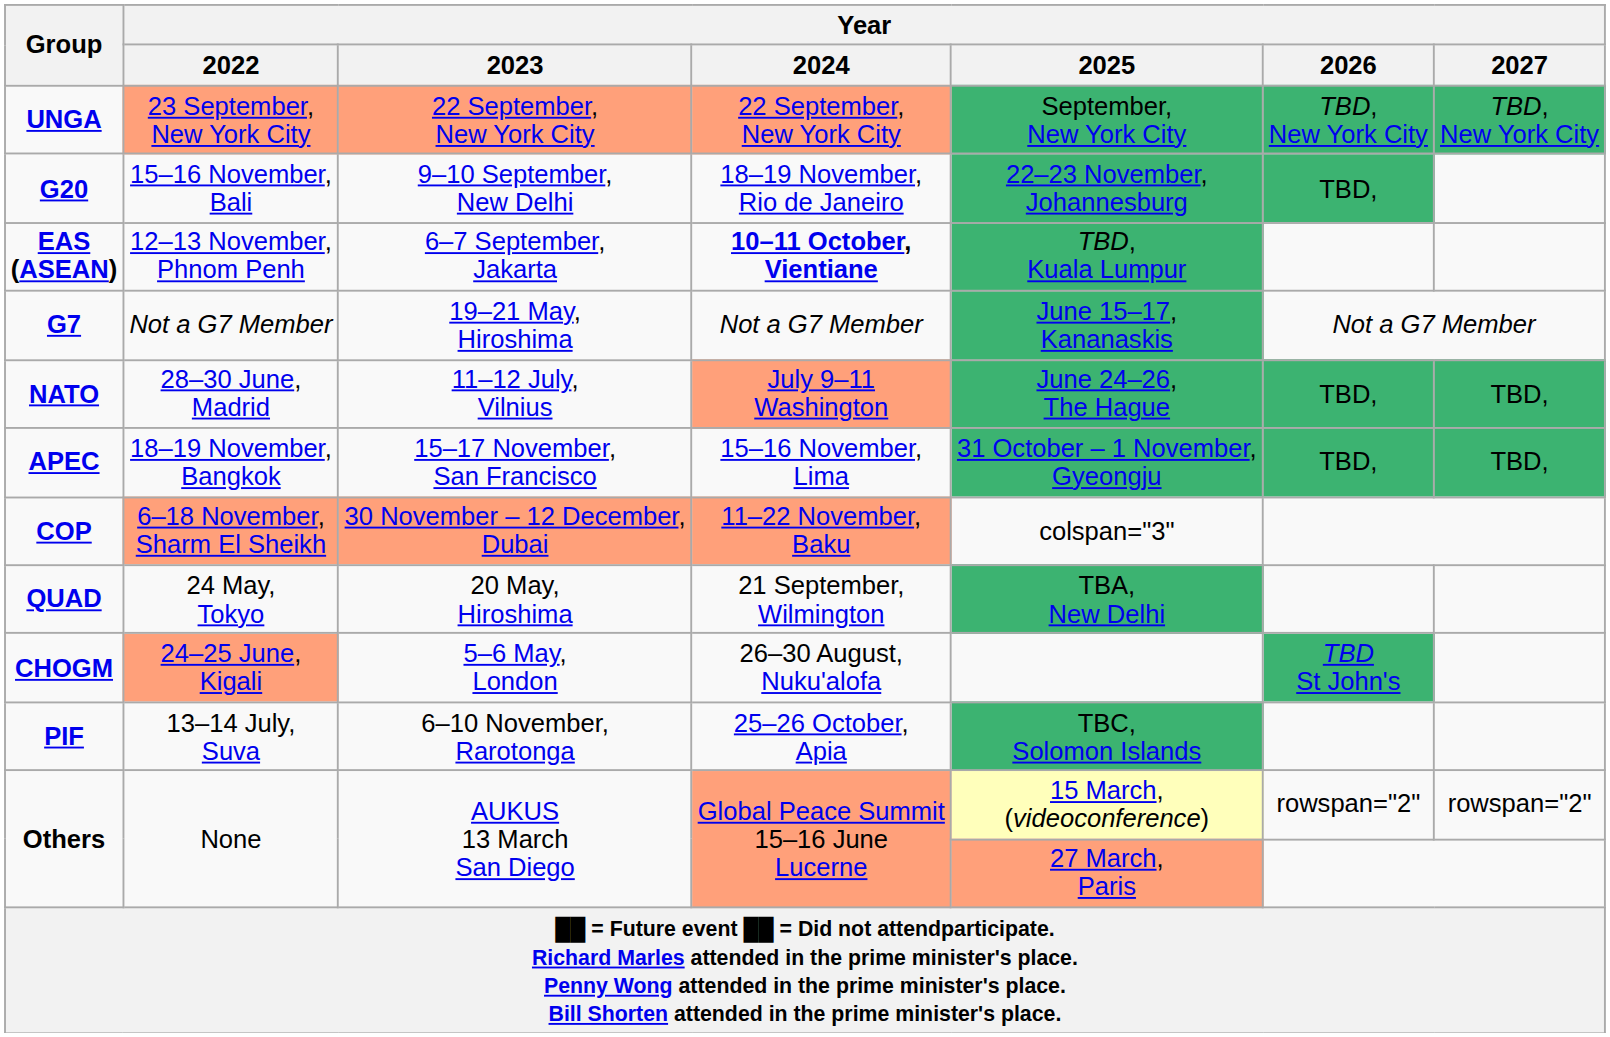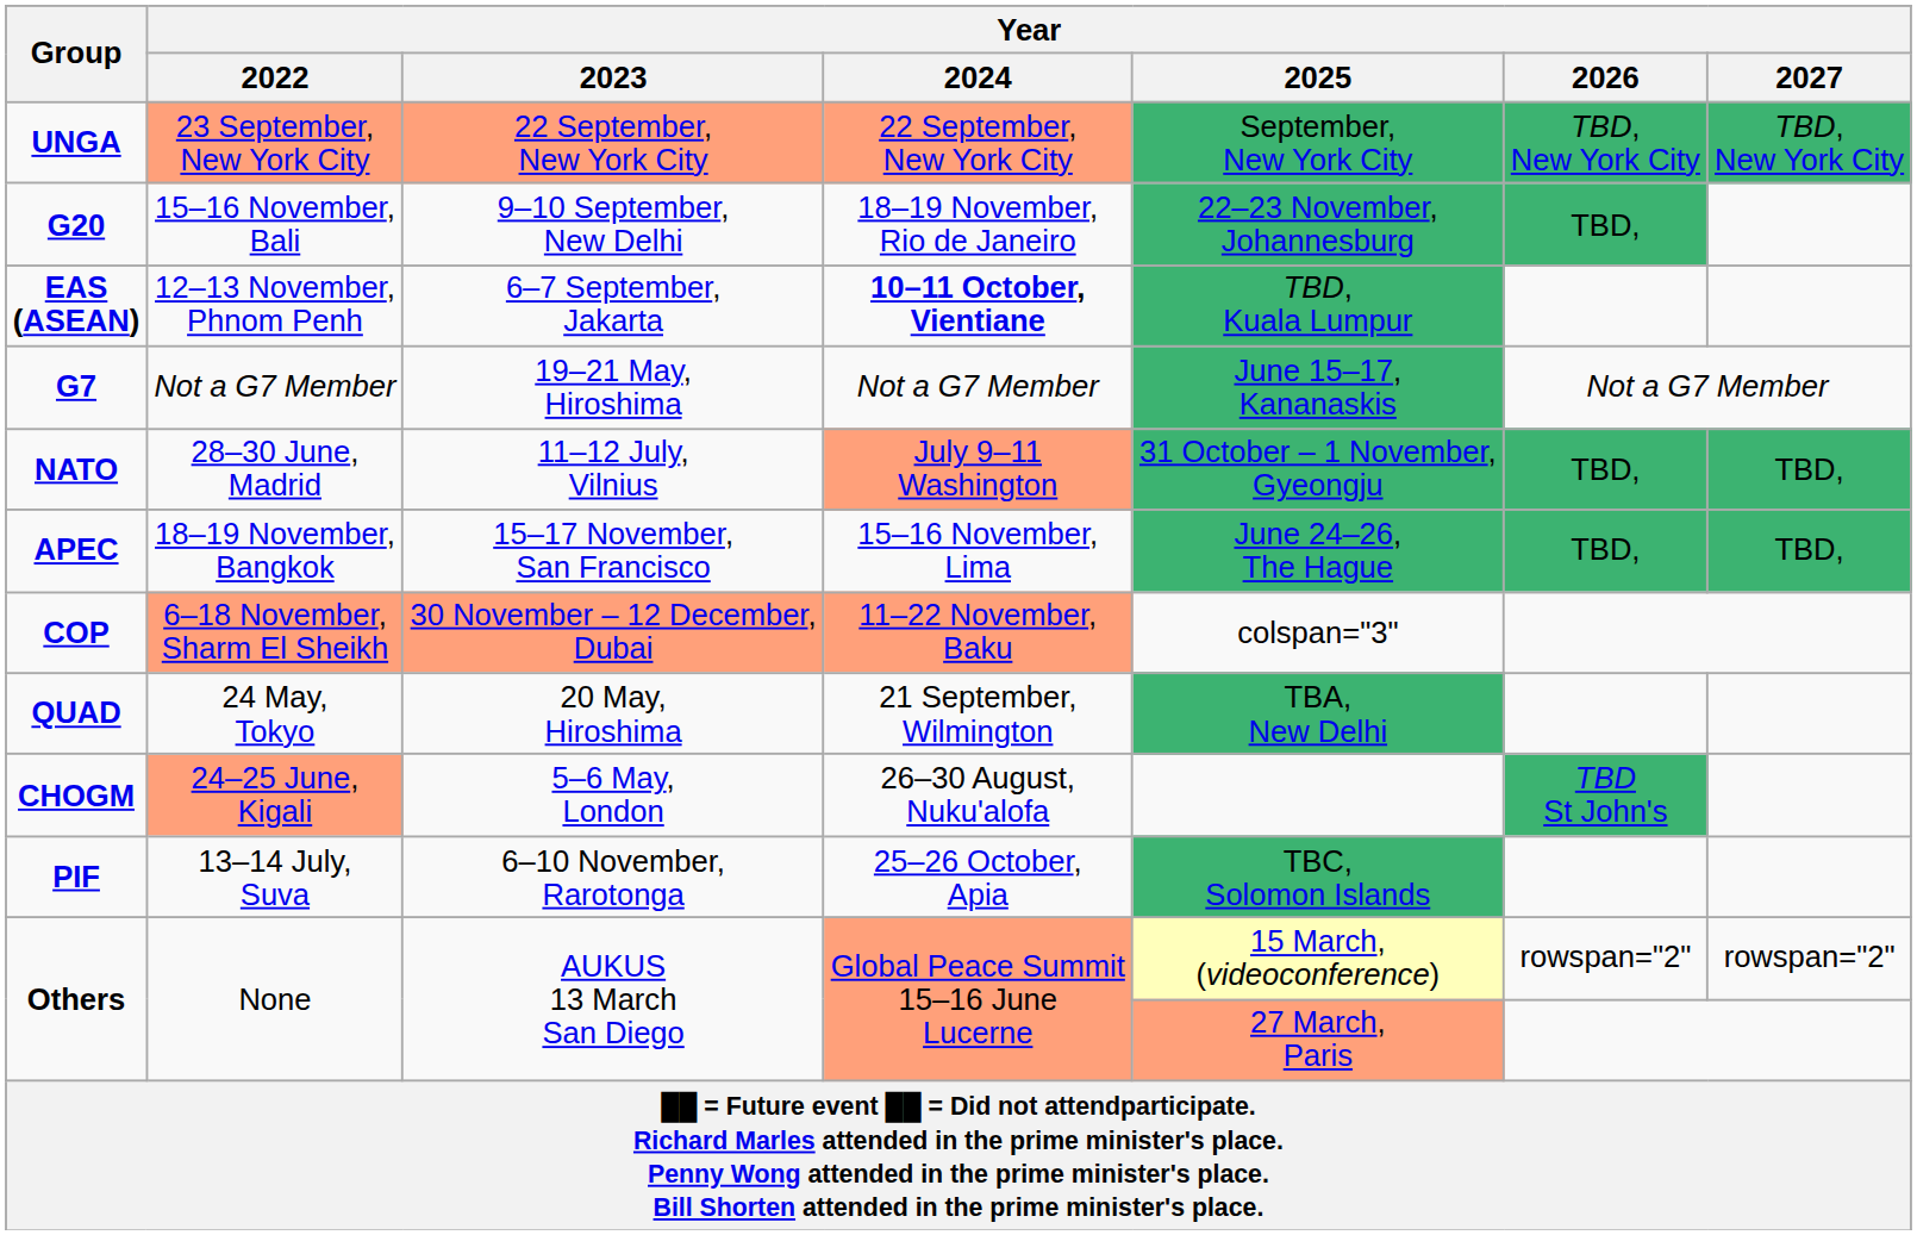 <table class="wikitable" style="margin:1em auto; font-size:85%; text-align:center;">
 <tr>
 <th rowspan="2">Group</th>
 <th colspan="6">Year</th>
 </tr>
 <tr>
 <th>2022</th>
 <th>2023</th>
 <th>2024</th>
 <th>2025</th>
 <th>2026</th>
 <th>2027</th>
 </tr>
 <tr>
 <td><strong><a href='#'>UNGA</a></strong></td>
 <td style="background:#ffa07a;"><a href='#'>23 September</a>,<br> <a href='#'>New York City</a><br></td>
 <td style="background:#ffa07a;"><a href='#'>22 September</a>,<br> <a href='#'>New York City</a><br></td>
 <td style="background:#ffa07a;"><a href='#'>22 September</a>,<br> <a href='#'>New York City</a><br></td>
 <td style="background:#3Cb371;">September,<br> <a href='#'>New York City</a></td>
 <td style="background:#3Cb371;"><em>TBD</em>,<br> <a href='#'>New York City</a></td>
 <td style="background:#3Cb371;"><em>TBD</em>,<br> <a href='#'>New York City</a></td>
 </tr>
 <tr>
 <td><strong><a href='#'>G20</a></strong></td>
 <td><a href='#'>15–16 November</a>,<br> <a href='#'>Bali</a></td>
 <td><a href='#'>9–10 September</a>,<br> <a href='#'>New Delhi</a></td>
 <td><a href='#'>18–19 November</a>,<br> <a href='#'>Rio de Janeiro</a></td>
 <td style="background:#3Cb371;"><a href='#'>22–23 November</a>,<br> <a href='#'>Johannesburg</a></td>
 <td style="background:#3Cb371;">TBD,<br></td>
 <td></td>
 </tr>
 <tr>
 <td><strong><a href='#'>EAS</a><br>(<a href='#'>ASEAN</a>)</strong></td>
 <td><a href='#'>12–13 November</a>,<br> <a href='#'>Phnom Penh</a></td>
 <td><a href='#'>6–7 September</a>,<br> <a href='#'>Jakarta</a></td>
 <td><strong><a href='#'>10–11 October</a>,<br> <a href='#'>Vientiane</a></strong></td>
 <td style="background:#3Cb371;"><em>TBD</em>,<br> <a href='#'>Kuala Lumpur</a></td>
 <td></td>
 <td></td>
 </tr>
 <tr>
 <td><strong><a href='#'>G7</a></strong></td>
 <td colspan="1"><em>Not a G7 Member</em></td>
 <td><a href='#'>19–21 May</a>,<br> <a href='#'>Hiroshima</a></td>
 <td colspan="1"><em>Not a G7 Member</em></td>
 <td style="background:#3Cb371;"><a href='#'>June 15–17</a>,<br> <a href='#'>Kananaskis</a></td>
 <td colspan="2"><em>Not a G7 Member</em></td>
 </tr>
 <tr>
 <td><strong><a href='#'>NATO</a></strong></td>
 <td><a href='#'>28–30 June</a>,<br> <a href='#'>Madrid</a></td>
 <td><a href='#'>11–12 July</a>,<br> <a href='#'>Vilnius</a></td>
 <td colspan="1" style="background:#ffa07a;"><a href='#'>July 9–11</a><br> <a href='#'>Washington</a><br></td>
-<td style="background:#3Cb371;"><a href='#'>June 24–26</a>,<br> <a href='#'>The Hague</a></td>
+<td style="background:#3Cb371;"><a href='#'>31 October – 1 November</a>,<br> <a href='#'>Gyeongju</a></td>
 <td style="background:#3Cb371;">TBD,<br></td>
 <td style="background:#3Cb371;">TBD,<br></td>
 </tr>
 <tr>
 <td><strong><a href='#'>APEC</a></strong></td>
 <td><a href='#'>18–19 November</a>,<br> <a href='#'>Bangkok</a></td>
 <td><a href='#'>15–17 November</a>,<br> <a href='#'>San Francisco</a></td>
 <td><a href='#'>15–16 November</a>,<br> <a href='#'>Lima</a></td>
-<td style="background:#3Cb371;"><a href='#'>31 October – 1 November</a>,<br> <a href='#'>Gyeongju</a></td>
+<td style="background:#3Cb371;"><a href='#'>June 24–26</a>,<br> <a href='#'>The Hague</a></td>
 <td style="background:#3Cb371;">TBD,<br></td>
 <td style="background:#3Cb371;">TBD,<br></td>
 </tr>
 <tr>
 <td><strong><a href='#'>COP</a></strong></td>
 <td style="background:#ffa07a;"><a href='#'>6–18 November</a>,<br> <a href='#'>Sharm El Sheikh</a></td>
 <td style="background:#ffa07a;"><a href='#'>30 November – 12 December</a>,<br> <a href='#'>Dubai</a></td>
 <td style="background:#ffa07a;"><a href='#'>11–22 November</a>, <br> <a href='#'>Baku</a></td>
 <td>colspan="3" </td>
 </tr>
 <tr>
 <td><strong><a href='#'>QUAD</a></strong></td>
 <td>24 May,<br> <a href='#'>Tokyo</a></td>
 <td>20 May,<br> <a href='#'>Hiroshima</a></td>
 <td>21 September,<br> <a href='#'>Wilmington</a></td>
 <td style="background:#3Cb371;">TBA,<br> <a href='#'>New Delhi</a></td>
 <td></td>
 <td></td>
 </tr>
 <tr>
 <td><strong><a href='#'>CHOGM</a></strong></td>
 <td style="background:#ffa07a;"><a href='#'>24–25 June</a>,<br> <a href='#'>Kigali</a><br></td>
 <td><a href='#'>5–6 May</a>,<br> <a href='#'>London</a></td>
 <td>26–30 August,<br> <a href='#'>Nuku'alofa</a></td>
 <td></td>
 <td style="background:#3Cb371;"><em><a href='#'>TBD</a></em><br> <a href='#'>St John's</a></td>
 <td></td>
 </tr>
 <tr>
 <td><strong><a href='#'>PIF</a></strong></td>
 <td>13–14 July,<br> <a href='#'>Suva</a></td>
 <td>6–10 November,<br> <a href='#'>Rarotonga</a></td>
 <td><a href='#'>25–26 October</a>,<br> <a href='#'>Apia</a></td>
 <td style="background:#3Cb371;">TBC,<br> <a href='#'>Solomon Islands</a></td>
 <td></td>
 <td></td>
 </tr>
 <tr>
 <td rowspan="2"><strong>Others</strong></td>
 <td rowspan="2">None</td>
 <td rowspan="2"><a href='#'>AUKUS</a><br>13 March<br> <a href='#'>San Diego</a></td>
 <td rowspan="2" style="background:#ffa07a;"><a href='#'>Global Peace Summit</a><br>15–16 June<br> <a href='#'>Lucerne</a></td>
 <td style="background:#ffb;"><a href='#'>15 March</a>,<br>(<em>videoconference</em>)<br></td>
 <td>rowspan="2" </td>
 <td>rowspan="2" </td>
 </tr>
 <tr>
 <td style="background:#ffa07a;"><a href='#'>27 March</a>,<br> <a href='#'>Paris</a></td>
 </tr>
 <tr>
 <th colspan="7"><small><span>██</span> = Future event <span>██</span> = Did not attendparticipate.<br><a href='#'>Richard Marles</a> attended in the prime minister's place.<br><a href='#'>Penny Wong</a> attended in the prime minister's place.<br><a href='#'>Bill Shorten</a> attended in the prime minister's place.</small></th>
 </tr>
 </table>
